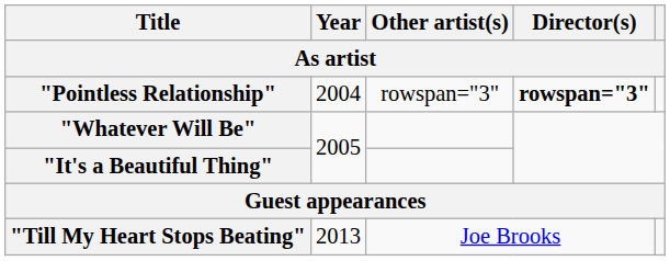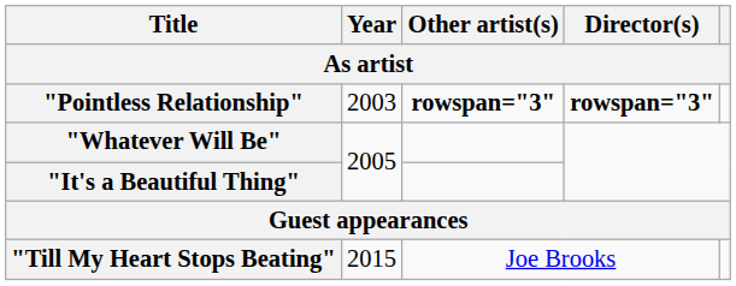 <table class="wikitable plainrowheaders" style="text-align:center;">
 <tr>
 <th scope="col">Title</th>
 <th scope="col">Year</th>
 <th scope="col">Other artist(s)</th>
 <th scope="col">Director(s)</th>
 <th scope="col"></th>
 </tr>
 <tr>
 <th scope="col" colspan="5">As artist</th>
 </tr>
 <tr>
 <th scope="row">"Pointless Relationship"</th>
-<td>2004</td>
-<td>rowspan="3" </td>
+<td>2003</td>
+<td><strong>rowspan="3" </strong></td>
 <td><strong>rowspan="3" </strong></td>
 <td></td>
 </tr>
 <tr>
 <th scope="row">"Whatever Will Be"</th>
 <td rowspan="2">2005</td>
 <td></td>
 </tr>
 <tr>
 <th scope="row">"It's a Beautiful Thing"</th>
 <td></td>
 </tr>
 <tr>
 <th scope="col" colspan="5">Guest appearances</th>
 </tr>
 <tr>
 <th scope="row">"Till My Heart Stops Beating"</th>
-<td>2013</td>
+<td>2015</td>
 <td colspan="2"><a href='#'>Joe Brooks</a></td>
 <td></td>
 </tr>
 </table>
